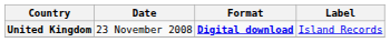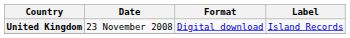 <table class="wikitable plainrowheaders">
 <tr>
 <th scope="col">Country</th>
 <th scope="col">Date</th>
 <th scope="col">Format</th>
 <th scope="col">Label</th>
 </tr>
 <tr>
 <th scope="row">United Kingdom</th>
 <td>23 November 2008</td>
-<td><strong><a href='#'>Digital download</a></strong></td>
+<td><a href='#'>Digital download</a></td>
 <td><a href='#'>Island Records</a></td>
 </tr>
 <tr>
 </tr>
 </table>
